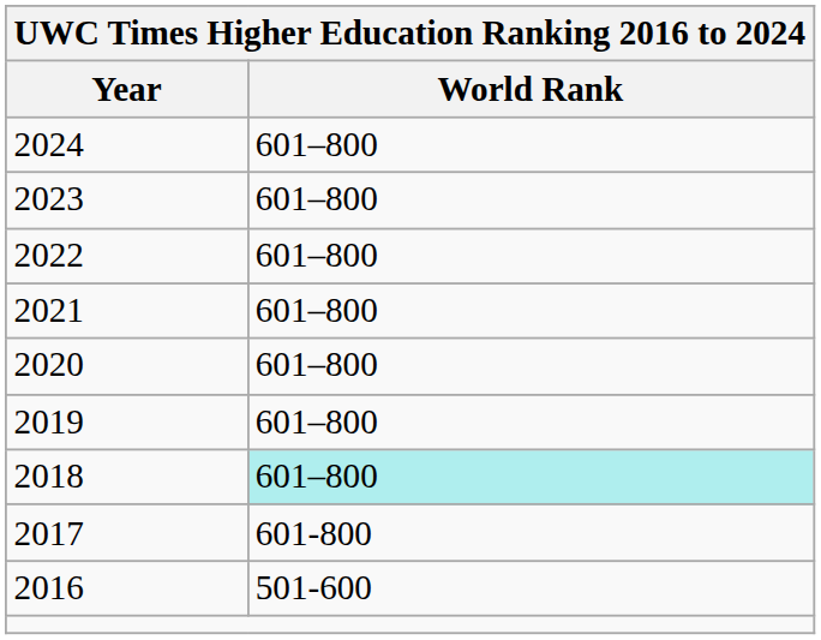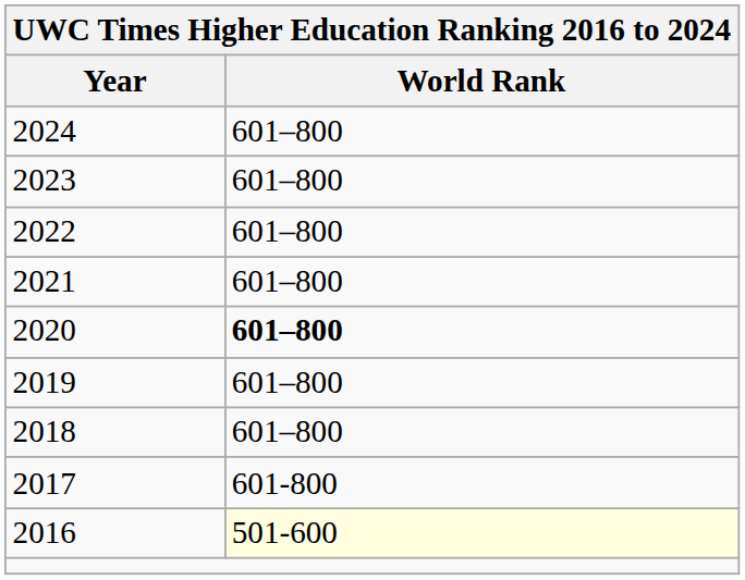 <table class="wikitable">
 <tr>
 <th colspan="2"><strong>UWC Times Higher Education Ranking 2016 to 2024</strong></th>
 </tr>
 <tr>
 <th>Year</th>
 <th>World Rank</th>
 </tr>
 <tr>
 <td>2024</td>
 <td>601–800</td>
 </tr>
 <tr>
 <td>2023</td>
 <td>601–800</td>
 </tr>
 <tr>
 <td>2022</td>
 <td>601–800</td>
 </tr>
 <tr>
 <td>2021</td>
 <td>601–800</td>
 </tr>
 <tr>
 <td>2020</td>
-<td>601–800</td>
+<td><strong>601–800</strong></td>
 </tr>
 <tr>
 <td>2019</td>
 <td>601–800</td>
 </tr>
 <tr>
 <td>2018</td>
-<td style="background: paleturquoise;">601–800</td>
+<td>601–800</td>
 </tr>
 <tr>
 <td>2017</td>
 <td>601-800</td>
 </tr>
 <tr>
 <td>2016</td>
-<td>501-600</td>
+<td style="background: lightyellow;">501-600</td>
 </tr>
 <tr>
 <td colspan="2"></td>
 </tr>
 </table>
